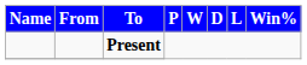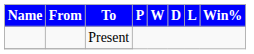 <table class="wikitable sortable" style="text-align: center;">
 <tr>
 <th style="background:#00f; color:white;" scope=col>Name</th>
 <th style="background:#00f; color:white;" scope=col>From</th>
 <th style="background:#00f; color:white;" scope=col>To</th>
 <th style="background:#00f; color:white;" scope=col>P</th>
 <th style="background:#00f; color:white;" scope=col>W</th>
 <th style="background:#00f; color:white;" scope=col>D</th>
 <th style="background:#00f; color:white;" scope=col>L</th>
 <th style="background:#00f; color:white;" scope=col>Win%</th>
 </tr>
 <tr>
 <td align=left></td>
 <td></td>
-<td><strong>Present<br></strong></td>
+<td>Present<br></td>
 </tr>
 <tr>
 </tr>
 </table>
